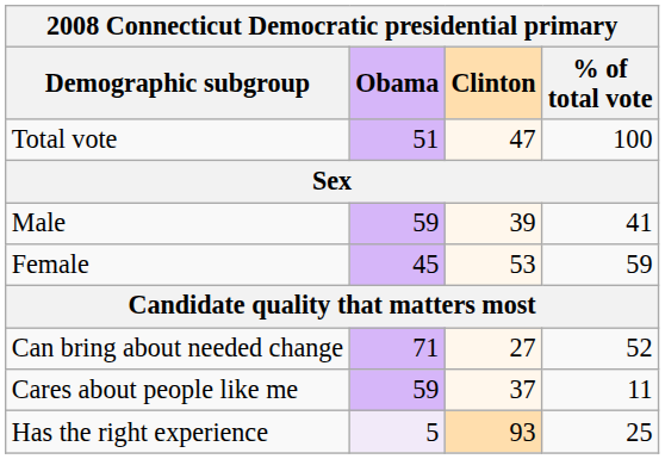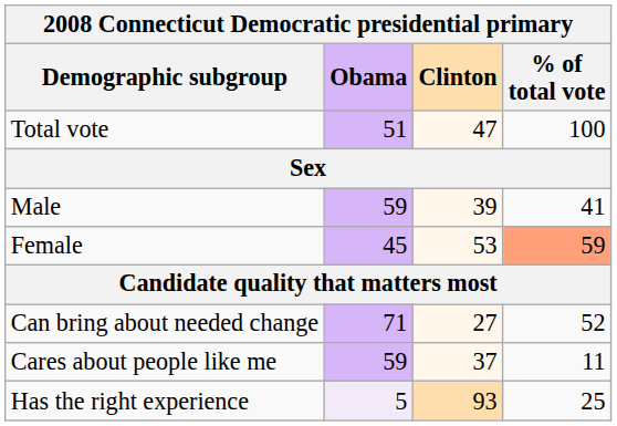 <table class="wikitable">
 <tr>
 <th colspan="8">2008 Connecticut Democratic presidential primary</th>
 </tr>
 <tr>
 <th>Demographic subgroup</th>
 <th style="background:#d6b6f9;">Obama</th>
 <th style="background:#ffdead;">Clinton</th>
 <th>% of<br>total vote</th>
 </tr>
 <tr>
 <td>Total vote</td>
 <td style="text-align:right; background:#d6b6f9;">51</td>
 <td style="text-align:right; background:#fff7ec;">47</td>
 <td style="text-align:right;">100</td>
 </tr>
 <tr>
 <th colspan="4">Sex</th>
 </tr>
 <tr>
 <td>Male</td>
 <td style="text-align:right; background:#d6b6f9;">59</td>
 <td style="text-align:right; background:#fff7ec;">39</td>
 <td style="text-align:right;">41</td>
 </tr>
 <tr>
 <td>Female</td>
 <td style="text-align:right; background:#d6b6f9;">45</td>
 <td style="text-align:right; background:#fff7ec;">53</td>
-<td style="text-align:right;">59</td>
+<td style="background: lightsalmon; text-align:right;">59</td>
 </tr>
 <tr>
 <th colspan="4">Candidate quality that matters most</th>
 </tr>
 <tr>
 <td>Can bring about needed change</td>
 <td style="text-align:right; background:#d6b6f9;">71</td>
 <td style="text-align:right; background:#fff7ec;">27</td>
 <td style="text-align:right;">52</td>
 </tr>
 <tr>
 <td>Cares about people like me</td>
 <td style="text-align:right; background:#d6b6f9;">59</td>
 <td style="text-align:right; background:#fff7ec;">37</td>
 <td style="text-align:right;">11</td>
 </tr>
 <tr>
 <td>Has the right experience</td>
 <td style="text-align:right; background:#f2eaf9;">5</td>
 <td style="text-align:right; background:#ffdead;">93</td>
 <td style="text-align:right;">25</td>
 </tr>
 </table>
